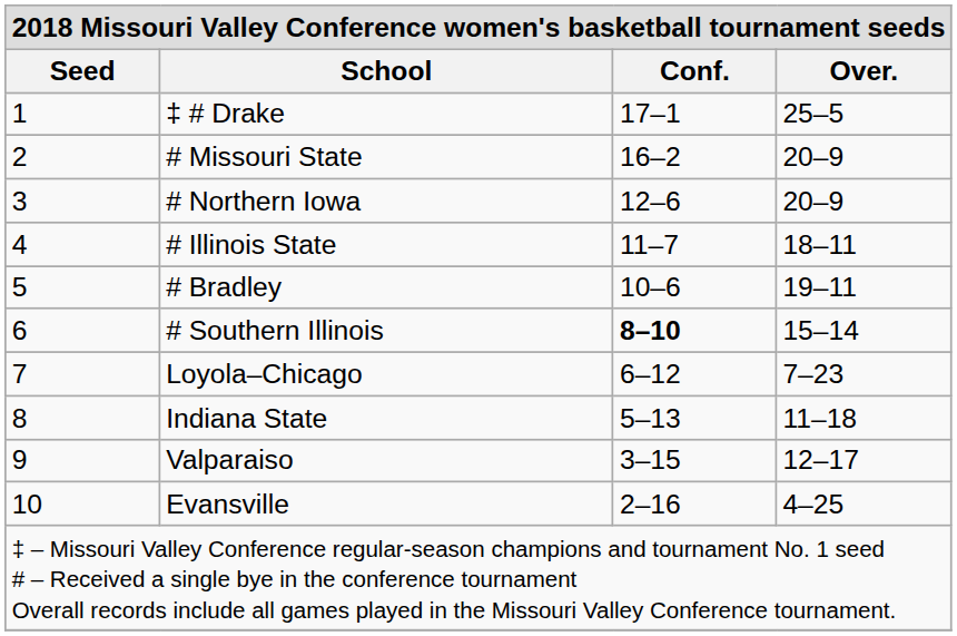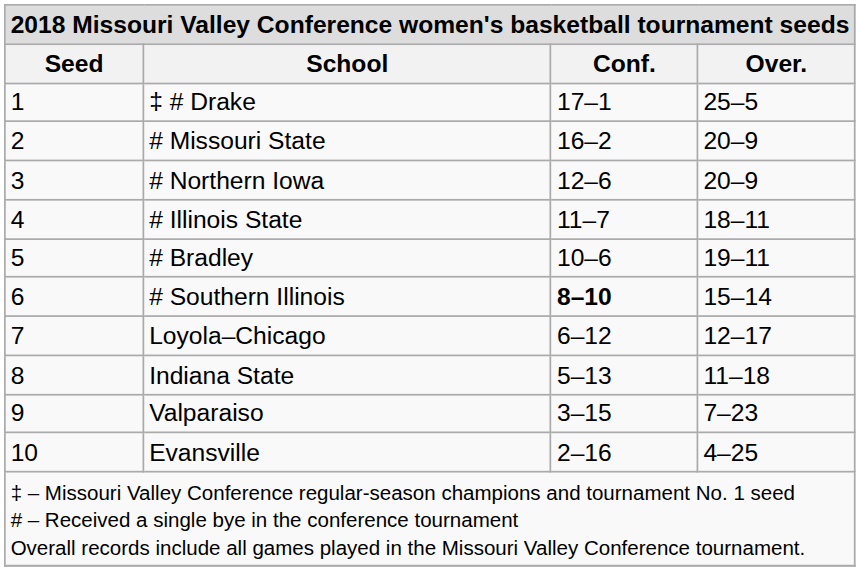 <table class="wikitable" style="white-space:nowrap; font-size:90%;">
 <tr>
 <td colspan="4" style="text-align:center; background:#DDDDDD; font:#000000"><strong>2018 Missouri Valley Conference women's basketball tournament seeds</strong></td>
 </tr>
 <tr bgcolor="#efefef">
 <th>Seed</th>
 <th>School</th>
 <th>Conf.</th>
 <th>Over.</th>
 </tr>
 <tr>
 <td>1</td>
 <td>‡ # Drake</td>
 <td>17–1</td>
 <td>25–5</td>
 </tr>
 <tr>
 <td>2</td>
 <td># Missouri State</td>
 <td>16–2</td>
 <td>20–9</td>
 </tr>
 <tr>
 <td>3</td>
 <td># Northern Iowa</td>
 <td>12–6</td>
 <td>20–9</td>
 </tr>
 <tr>
 <td>4</td>
 <td># Illinois State</td>
 <td>11–7</td>
 <td>18–11</td>
 </tr>
 <tr>
 <td>5</td>
 <td># Bradley</td>
 <td>10–6</td>
 <td>19–11</td>
 </tr>
 <tr>
 <td>6</td>
 <td># Southern Illinois</td>
 <td><strong>8–10</strong></td>
 <td>15–14</td>
 </tr>
 <tr>
 <td>7</td>
 <td>Loyola–Chicago</td>
 <td>6–12</td>
-<td>7–23</td>
+<td>12–17</td>
 </tr>
 <tr>
 <td>8</td>
 <td>Indiana State</td>
 <td>5–13</td>
 <td>11–18</td>
 </tr>
 <tr>
 <td>9</td>
 <td>Valparaiso</td>
 <td>3–15</td>
-<td>12–17</td>
+<td>7–23</td>
 </tr>
 <tr>
 <td>10</td>
 <td>Evansville</td>
 <td>2–16</td>
 <td>4–25</td>
 </tr>
 <tr>
 <td colspan="4" style="text-align:left;"><small>‡ – Missouri Valley Conference regular-season champions and tournament No. 1 seed<br># – Received a single bye in the conference tournament<br>Overall records include all games played in the Missouri Valley Conference tournament.</small></td>
 </tr>
 <tr>
 </tr>
 </table>
